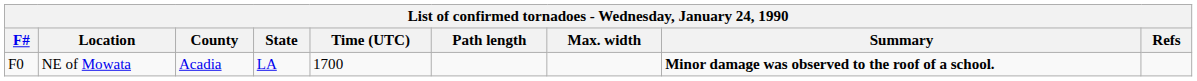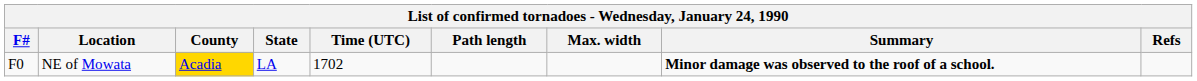 <table class="wikitable collapsible" width="100%">
 <tr>
 <th colspan="9">List of confirmed tornadoes - Wednesday, January 24, 1990</th>
 </tr>
 <tr>
 <th><a href='#'>F#</a></th>
 <th>Location</th>
 <th>County</th>
 <th>State</th>
 <th>Time (UTC)</th>
 <th>Path length</th>
 <th>Max. width</th>
 <th>Summary</th>
 <th>Refs</th>
 </tr>
 <tr>
 <td>F0</td>
 <td>NE of <a href='#'>Mowata</a></td>
-<td><a href='#'>Acadia</a></td>
+<td style="background: gold;"><a href='#'>Acadia</a></td>
 <td><a href='#'>LA</a></td>
-<td>1700</td>
+<td>1702</td>
 <td></td>
 <td></td>
 <td><strong>Minor damage was observed to the roof of a school.</strong></td>
 <td></td>
 </tr>
 </table>
